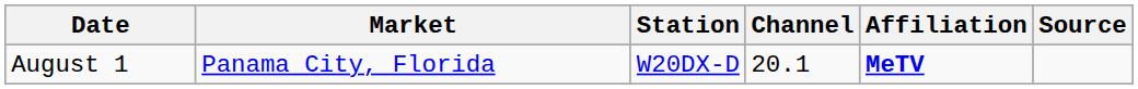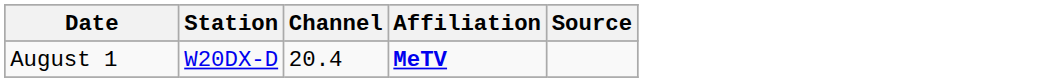 <table class="wikitable">
 <tr>
 <th style="text-align:center; width:95px;">Date</th>
-<th style="text-align:center; width:225px;">Market</th>
 <th style="text-align:center; width=75px;">Station</th>
 <th style="text-align:center; width=30px;">Channel</th>
 <th style="text-align:center; width=225px;">Affiliation</th>
 <th style="text-align:center;">Source</th>
 </tr>
 <tr>
 <td>August 1</td>
-<td><a href='#'>Panama City, Florida</a></td>
 <td><a href='#'>W20DX-D</a></td>
-<td>20.1</td>
+<td>20.4</td>
 <td><strong><a href='#'>MeTV</a></strong></td>
 <td></td>
 </tr>
 </table>
